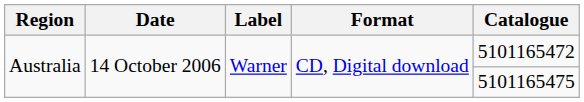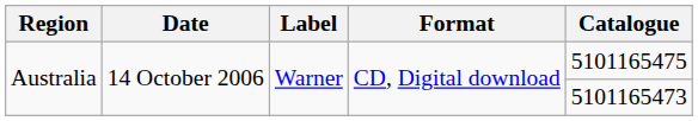 <table class="wikitable">
 <tr>
 <th>Region</th>
 <th>Date</th>
 <th>Label</th>
 <th>Format</th>
 <th>Catalogue</th>
 </tr>
 <tr>
 <td rowspan="2">Australia</td>
 <td rowspan="2">14 October 2006</td>
 <td rowspan="2"><a href='#'>Warner</a></td>
 <td rowspan="2"><a href='#'>CD</a>, <a href='#'>Digital download</a></td>
-<td>5101165472</td>
+<td>5101165475</td>
 </tr>
 <tr>
-<td>5101165475</td>
+<td>5101165473</td>
 </tr>
 </table>
